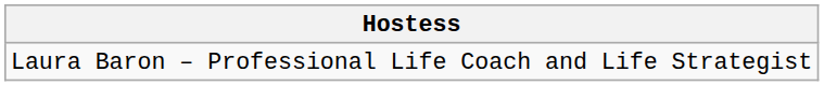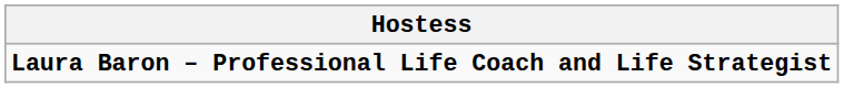 <table class="wikitable">
 <tr>
 <th>Hostess</th>
 </tr>
 <tr>
-<td>Laura Baron – Professional Life Coach and Life Strategist</td>
+<td><strong>Laura Baron – Professional Life Coach and Life Strategist</strong></td>
 </tr>
 </table>
